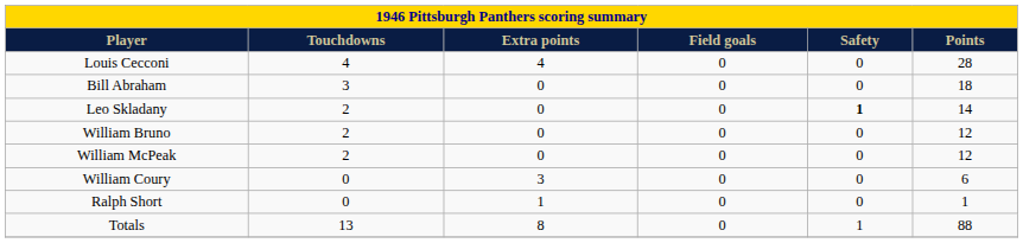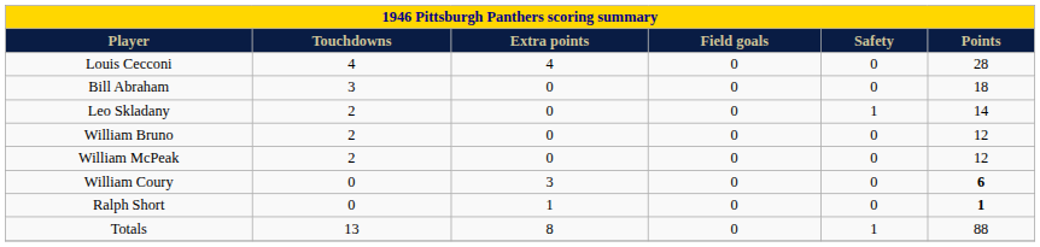 <table class="wikitable" width="70%">
 <tr>
 <th colspan="10" style="background:gold; color:darkblue; text-align: center;"><strong>1946 Pittsburgh Panthers scoring summary</strong></th>
 </tr>
 <tr align="center"  style="background:#091C44;color:#CEC499;">
 <td><strong>Player</strong></td>
 <td><strong>Touchdowns</strong></td>
 <td><strong>Extra points</strong></td>
 <td><strong>Field goals</strong></td>
 <td><strong>Safety</strong></td>
 <td><strong>Points</strong></td>
 </tr>
 <tr align="center" bgcolor="">
 <td>Louis Cecconi</td>
 <td>4</td>
 <td>4</td>
 <td>0</td>
 <td>0</td>
 <td>28</td>
 </tr>
 <tr align="center" bgcolor="">
 <td>Bill Abraham</td>
 <td>3</td>
 <td>0</td>
 <td>0</td>
 <td>0</td>
 <td>18</td>
 </tr>
 <tr align="center" bgcolor="">
 <td>Leo Skladany</td>
 <td>2</td>
 <td>0</td>
 <td>0</td>
-<td><strong>1</strong></td>
+<td>1</td>
 <td>14</td>
 </tr>
 <tr align="center" bgcolor="">
 <td>William Bruno</td>
 <td>2</td>
 <td>0</td>
 <td>0</td>
 <td>0</td>
 <td>12</td>
 </tr>
 <tr align="center" bgcolor="">
 <td>William McPeak</td>
 <td>2</td>
 <td>0</td>
 <td>0</td>
 <td>0</td>
 <td>12</td>
 </tr>
 <tr align="center" bgcolor="">
 <td>William Coury</td>
 <td>0</td>
 <td>3</td>
 <td>0</td>
 <td>0</td>
-<td>6</td>
+<td><strong>6</strong></td>
 </tr>
 <tr align="center" bgcolor="">
 <td>Ralph Short</td>
 <td>0</td>
 <td>1</td>
 <td>0</td>
 <td>0</td>
-<td>1</td>
+<td><strong>1</strong></td>
 </tr>
 <tr align="center" bgcolor="">
 <td>Totals</td>
 <td>13</td>
 <td>8</td>
 <td>0</td>
 <td>1</td>
 <td>88</td>
 </tr>
 <tr align="center" bgcolor="">
 </tr>
 </table>
